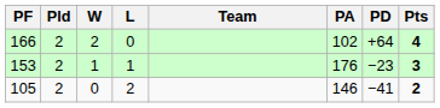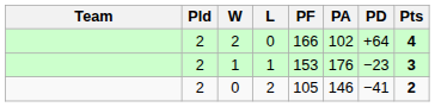 <table class=wikitable style="text-align:center">
 <tr>
-<th width=30>PF</th>
+<th width=180>Team</th>
 <th width=30>Pld</th>
 <th width=30>W</th>
 <th width=30>L</th>
-<th width=180>Team</th>
+<th width=30>PF</th>
 <th width=30>PA</th>
 <th width=30>PD</th>
 <th width=30>Pts</th>
 </tr>
 <tr bgcolor="#ccffcc">
-<td>166</td>
+<td align="left"></td>
 <td>2</td>
 <td>2</td>
 <td>0</td>
-<td align="left"></td>
+<td>166</td>
 <td>102</td>
 <td>+64</td>
 <td><strong>4</strong></td>
 </tr>
 <tr bgcolor="#ccffcc">
-<td>153</td>
+<td align="left"></td>
 <td>2</td>
 <td>1</td>
 <td>1</td>
-<td align="left"></td>
+<td>153</td>
 <td>176</td>
 <td>−23</td>
 <td><strong>3</strong></td>
 </tr>
 <tr>
-<td>105</td>
+<td align="left"></td>
 <td>2</td>
 <td>0</td>
 <td>2</td>
-<td align="left"></td>
+<td>105</td>
 <td>146</td>
 <td>−41</td>
 <td><strong>2</strong></td>
 </tr>
 </table>
